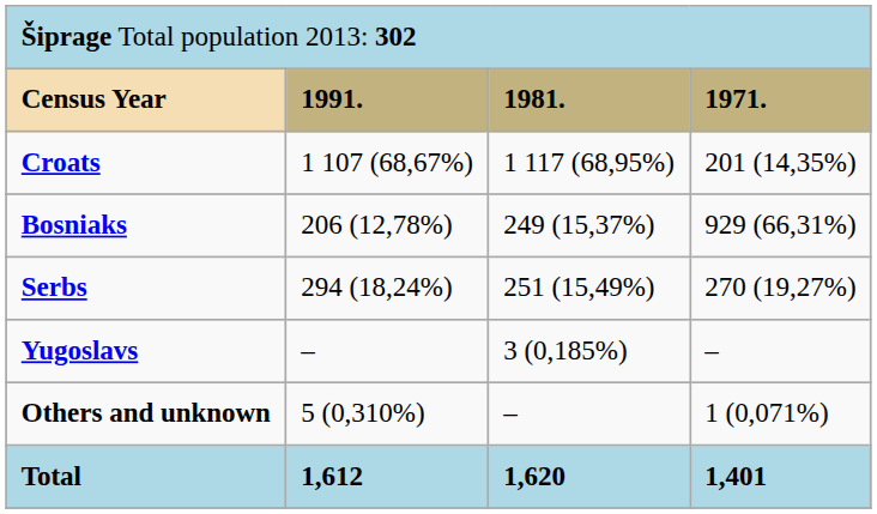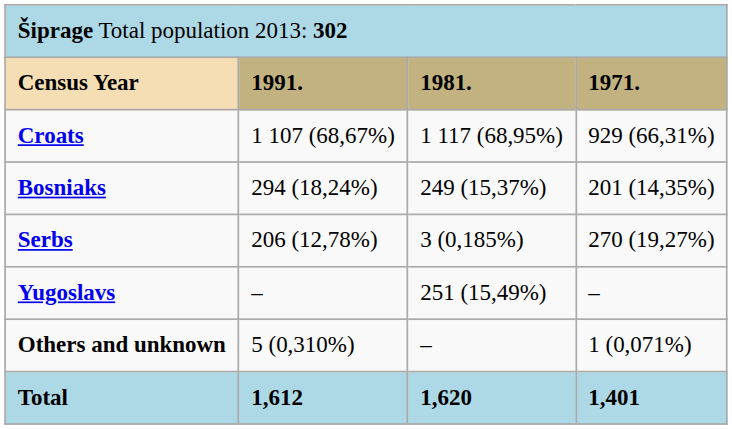 <table border="1" cellpadding="7" cellspacing="0" style="margin: 10px 0 10px 25px; background: #f9f9f9; border: 1px #AAA solid; border-collapse: collapse; font-size: 85%; float: center;">
 <tr style="background:lightblue">
 <td colspan ="7"><strong>Šiprage</strong> Total population 2013: <strong>302</strong></td>
 </tr>
 <tr style="background:style=;">
 <td style="background:wheat;"><strong>Census Year</strong></td>
 <td style="background:#c2b280;"><strong>1991.</strong></td>
 <td style="background:#c2b280;"><strong>1981.</strong></td>
 <td style="background:#c2b280;"><strong>1971.</strong></td>
 </tr>
 <tr>
 <td><strong><a href='#'>Croats</a></strong></td>
 <td>1 107 (68,67%)</td>
 <td>1 117 (68,95%)</td>
+<td>929 (66,31%)</td>
+</tr>
+<tr>
+<td><strong><a href='#'>Bosniaks</a></strong></td>
+<td>294 (18,24%)</td>
+<td>249 (15,37%)</td>
 <td>201 (14,35%)</td>
 </tr>
 <tr>
-<td><strong><a href='#'>Bosniaks</a></strong></td>
+<td><strong><a href='#'>Serbs</a></strong></td>
 <td>206 (12,78%)</td>
-<td>249 (15,37%)</td>
-<td>929 (66,31%)</td>
-</tr>
-<tr>
-<td><strong><a href='#'>Serbs</a></strong></td>
-<td>294 (18,24%)</td>
-<td>251 (15,49%)</td>
+<td>3 (0,185%)</td>
 <td>270 (19,27%)</td>
 </tr>
 <tr>
 <td><strong><a href='#'>Yugoslavs</a></strong></td>
 <td>–</td>
-<td>3 (0,185%)</td>
+<td>251 (15,49%)</td>
 <td>–</td>
 </tr>
 <tr>
 <td><strong>Others and unknown</strong></td>
 <td>5 (0,310%)</td>
 <td>–</td>
 <td>1 (0,071%)</td>
 </tr>
 <tr>
 <td style="background:lightblue"><strong>Total</strong></td>
 <td style="background:lightblue"><strong>1,612</strong></td>
 <td style="background:lightblue"><strong>1,620 </strong></td>
 <td style="background:lightblue"><strong>1,401 </strong></td>
 </tr>
 </table>
